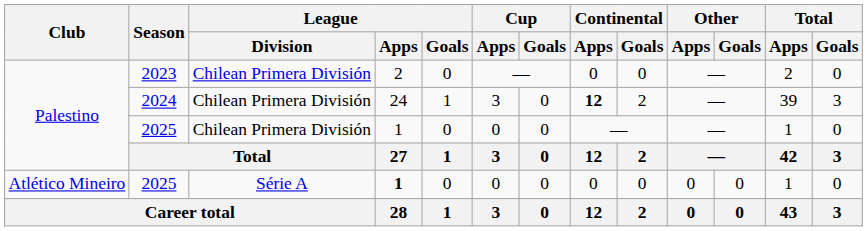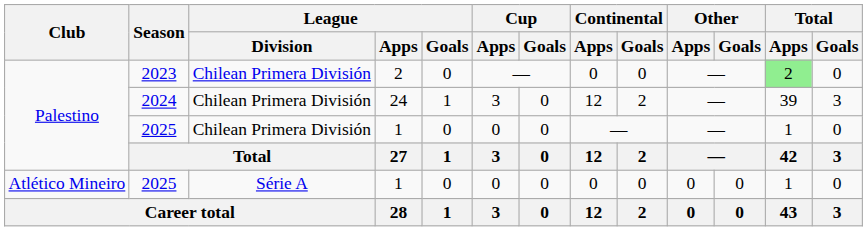 <table class="wikitable" style="text-align: center;">
 <tr>
 <th rowspan="2">Club</th>
 <th rowspan="2">Season</th>
 <th colspan="3">League</th>
 <th colspan="2">Cup</th>
 <th colspan="2">Continental</th>
 <th colspan="2">Other</th>
 <th colspan="2">Total</th>
 </tr>
 <tr>
 <th>Division</th>
 <th>Apps</th>
 <th>Goals</th>
 <th>Apps</th>
 <th>Goals</th>
 <th>Apps</th>
 <th>Goals</th>
 <th>Apps</th>
 <th>Goals</th>
 <th>Apps</th>
 <th>Goals</th>
 </tr>
 <tr>
 <td rowspan="4"><a href='#'>Palestino</a></td>
 <td><a href='#'>2023</a></td>
 <td><a href='#'>Chilean Primera División</a></td>
 <td>2</td>
 <td>0</td>
 <td colspan="2">—</td>
 <td>0</td>
 <td>0</td>
 <td colspan="2">—</td>
-<td>2</td>
+<td style="background: lightgreen;">2</td>
 <td>0</td>
 </tr>
 <tr>
 <td><a href='#'>2024</a></td>
 <td>Chilean Primera División</td>
 <td>24</td>
 <td>1</td>
 <td>3</td>
 <td>0</td>
-<td><strong>12</strong></td>
+<td>12</td>
 <td>2</td>
 <td colspan="2">—</td>
 <td>39</td>
 <td>3</td>
 </tr>
 <tr>
 <td><a href='#'>2025</a></td>
 <td>Chilean Primera División</td>
 <td>1</td>
 <td>0</td>
 <td>0</td>
 <td>0</td>
 <td colspan="2">—</td>
 <td colspan="2">—</td>
 <td>1</td>
 <td>0</td>
 </tr>
 <tr>
 <th colspan="2">Total</th>
 <th>27</th>
 <th>1</th>
 <th>3</th>
 <th>0</th>
 <th>12</th>
 <th>2</th>
 <th colspan="2">—</th>
 <th>42</th>
 <th>3</th>
 </tr>
 <tr>
 <td rowspan="1"><a href='#'>Atlético Mineiro</a></td>
 <td><a href='#'>2025</a></td>
 <td><a href='#'>Série A</a></td>
-<td><strong>1</strong></td>
+<td>1</td>
 <td>0</td>
 <td>0</td>
 <td>0</td>
 <td>0</td>
 <td>0</td>
 <td>0</td>
 <td>0</td>
 <td>1</td>
 <td>0</td>
 </tr>
 <tr>
 <th colspan="3"><strong>Career total</strong></th>
 <th>28</th>
 <th>1</th>
 <th>3</th>
 <th>0</th>
 <th>12</th>
 <th>2</th>
 <th>0</th>
 <th>0</th>
 <th>43</th>
 <th>3</th>
 </tr>
 </table>
